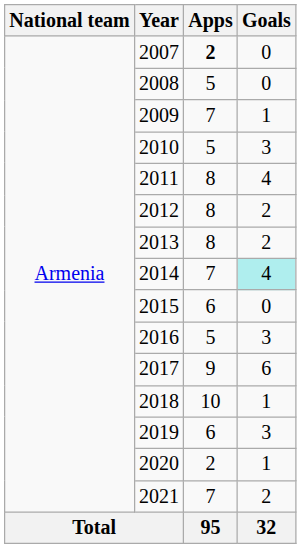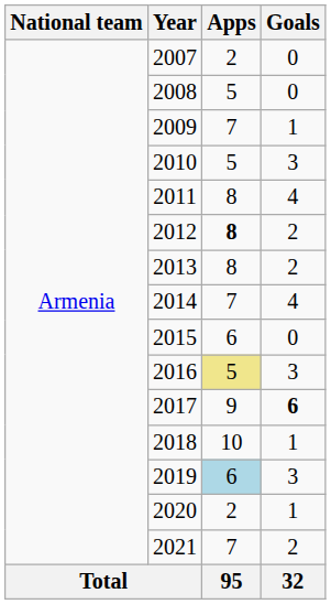 <table class="wikitable" style="text-align:center">
 <tr>
 <th>National team</th>
 <th>Year</th>
 <th>Apps</th>
 <th>Goals</th>
 </tr>
 <tr>
 <td rowspan="15"><a href='#'>Armenia</a></td>
 <td>2007</td>
-<td><strong>2</strong></td>
+<td>2</td>
 <td>0</td>
 </tr>
 <tr>
 <td>2008</td>
 <td>5</td>
 <td>0</td>
 </tr>
 <tr>
 <td>2009</td>
 <td>7</td>
 <td>1</td>
 </tr>
 <tr>
 <td>2010</td>
 <td>5</td>
 <td>3</td>
 </tr>
 <tr>
 <td>2011</td>
 <td>8</td>
 <td>4</td>
 </tr>
 <tr>
 <td>2012</td>
-<td>8</td>
+<td><strong>8</strong></td>
 <td>2</td>
 </tr>
 <tr>
 <td>2013</td>
 <td>8</td>
 <td>2</td>
 </tr>
 <tr>
 <td>2014</td>
 <td>7</td>
-<td style="background: paleturquoise;">4</td>
+<td>4</td>
 </tr>
 <tr>
 <td>2015</td>
 <td>6</td>
 <td>0</td>
 </tr>
 <tr>
 <td>2016</td>
-<td>5</td>
+<td style="background: khaki;">5</td>
 <td>3</td>
 </tr>
 <tr>
 <td>2017</td>
 <td>9</td>
-<td>6</td>
+<td><strong>6</strong></td>
 </tr>
 <tr>
 <td>2018</td>
 <td>10</td>
 <td>1</td>
 </tr>
 <tr>
 <td>2019</td>
-<td>6</td>
+<td style="background: lightblue;">6</td>
 <td>3</td>
 </tr>
 <tr>
 <td>2020</td>
 <td>2</td>
 <td>1</td>
 </tr>
 <tr>
 <td>2021</td>
 <td>7</td>
 <td>2</td>
 </tr>
 <tr>
 <th colspan="2">Total</th>
 <th>95</th>
 <th>32</th>
 </tr>
 </table>
